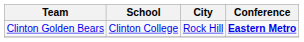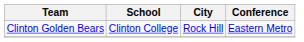 <table class="sortable wikitable">
 <tr>
 <th>Team</th>
 <th>School</th>
 <th>City</th>
 <th>Conference</th>
 </tr>
 <tr>
 <td><a href='#'>Clinton Golden Bears</a></td>
 <td><a href='#'>Clinton College</a></td>
 <td><a href='#'>Rock Hill</a></td>
-<td><strong><a href='#'>Eastern Metro</a></strong></td>
+<td><a href='#'>Eastern Metro</a></td>
 </tr>
 <tr>
 </tr>
 </table>
